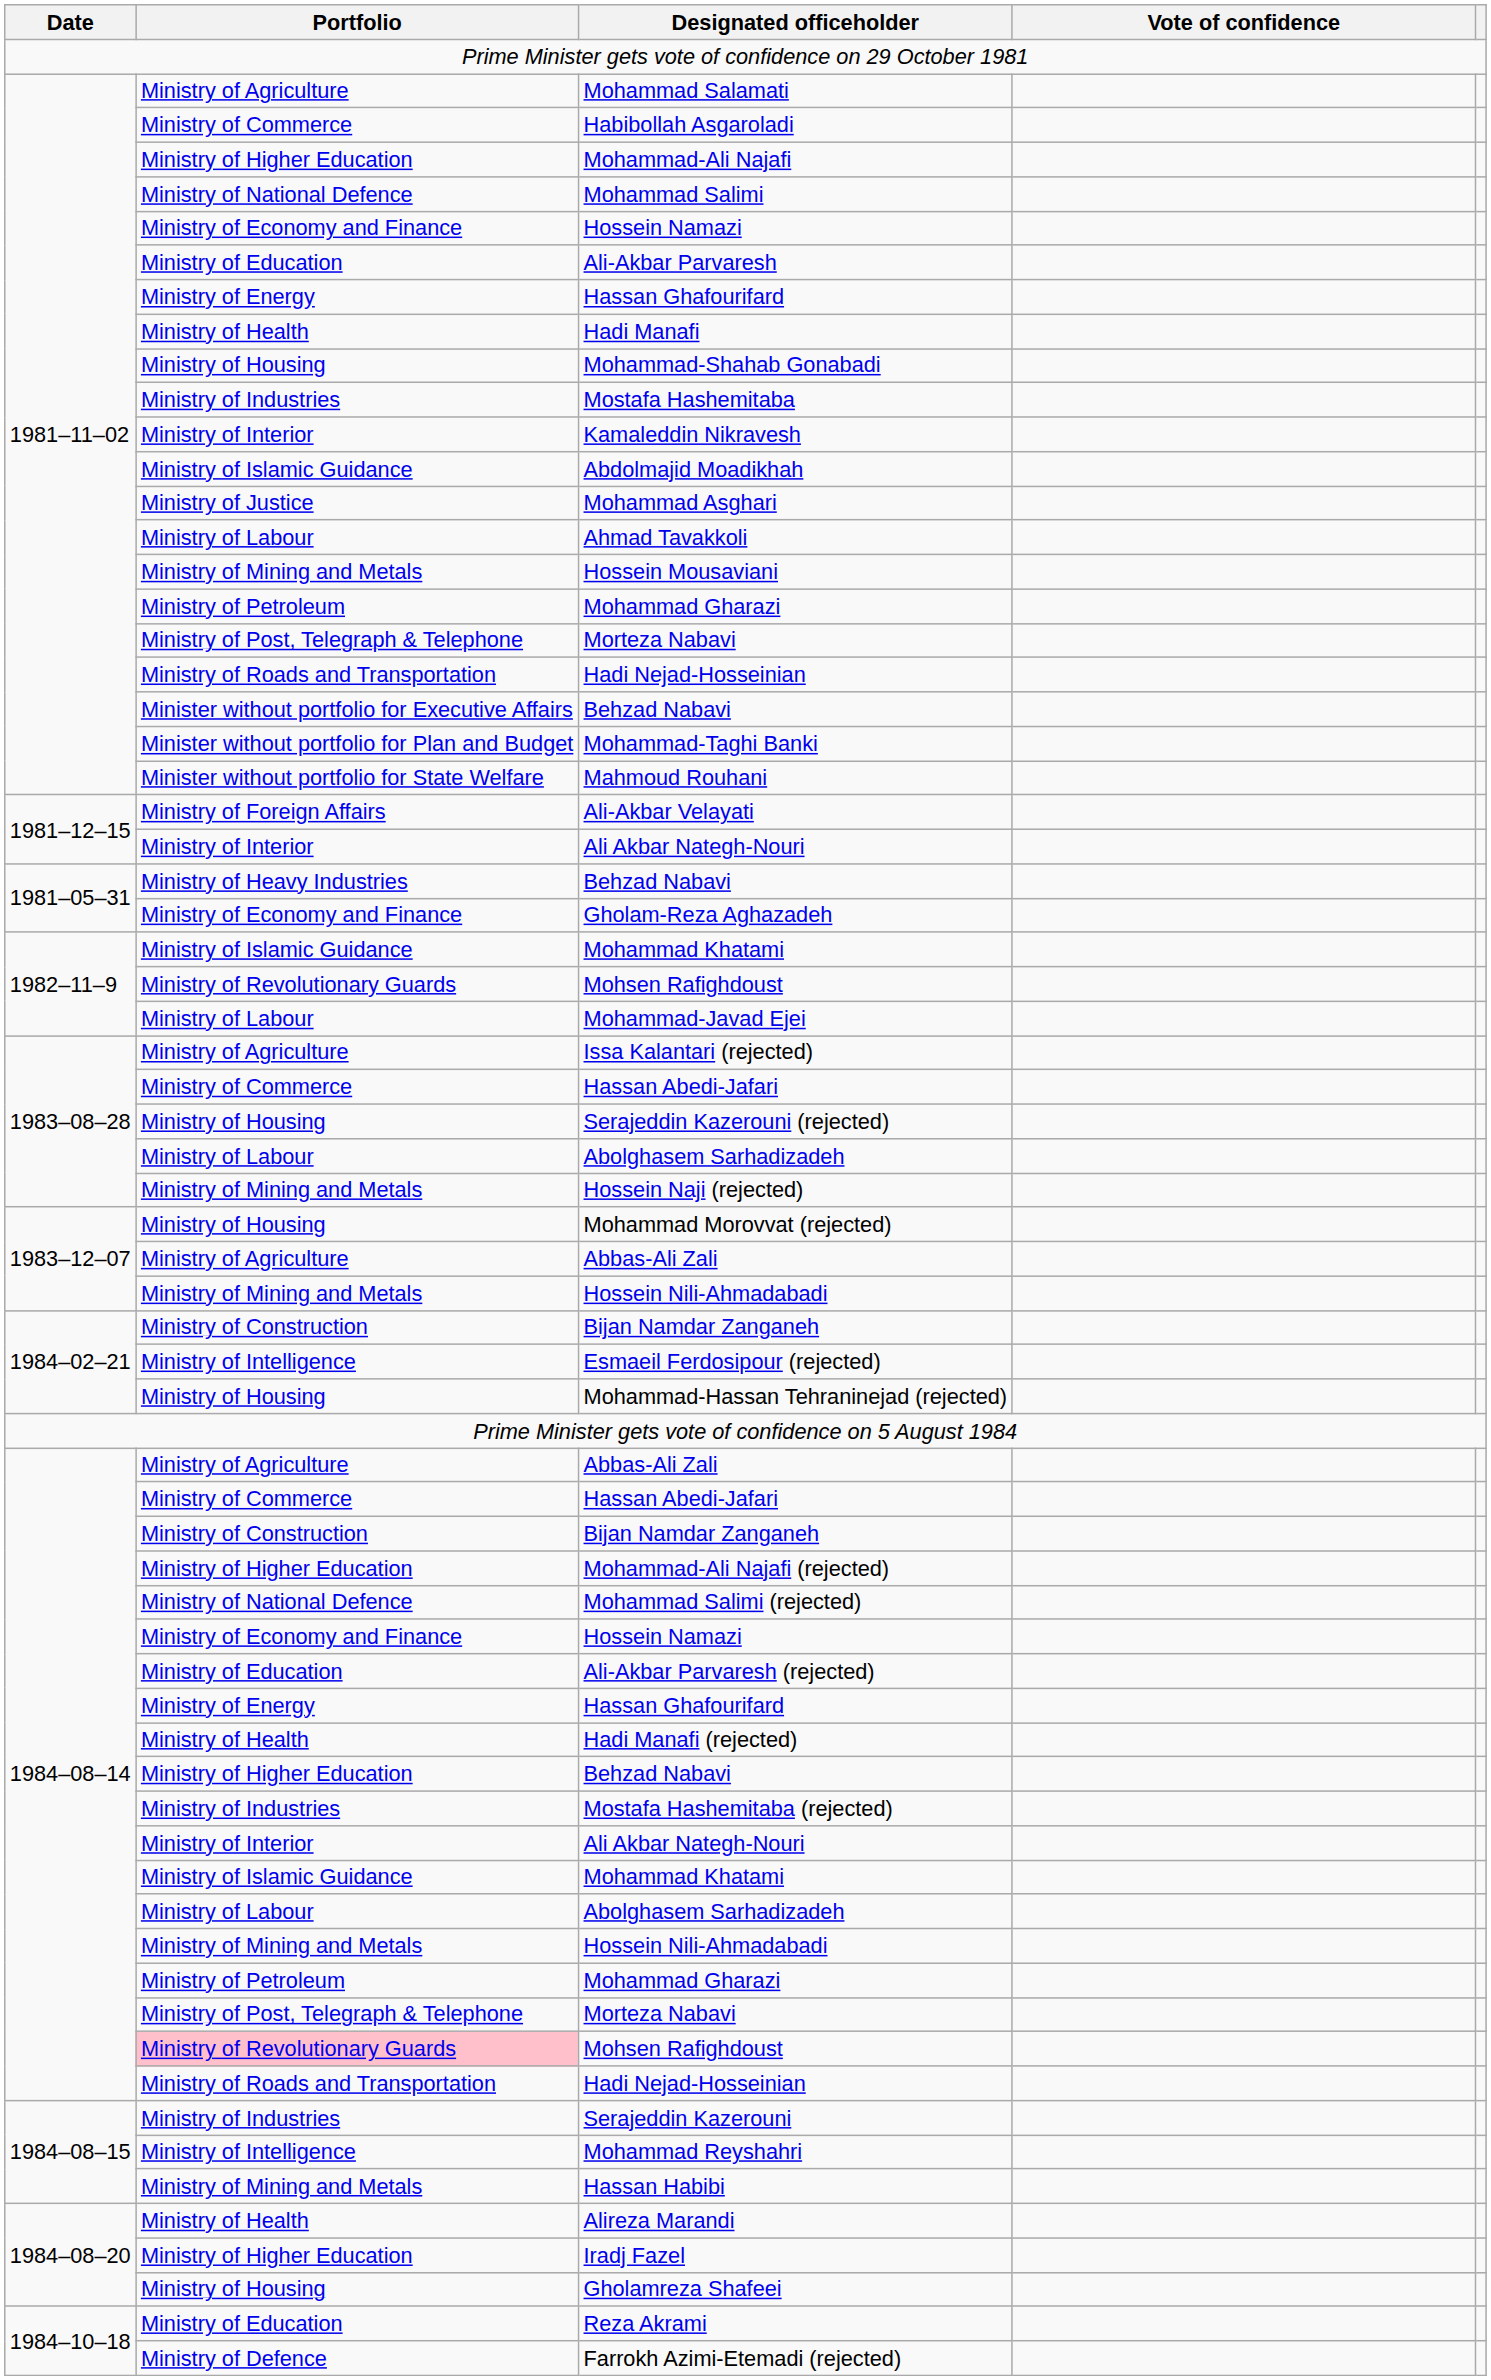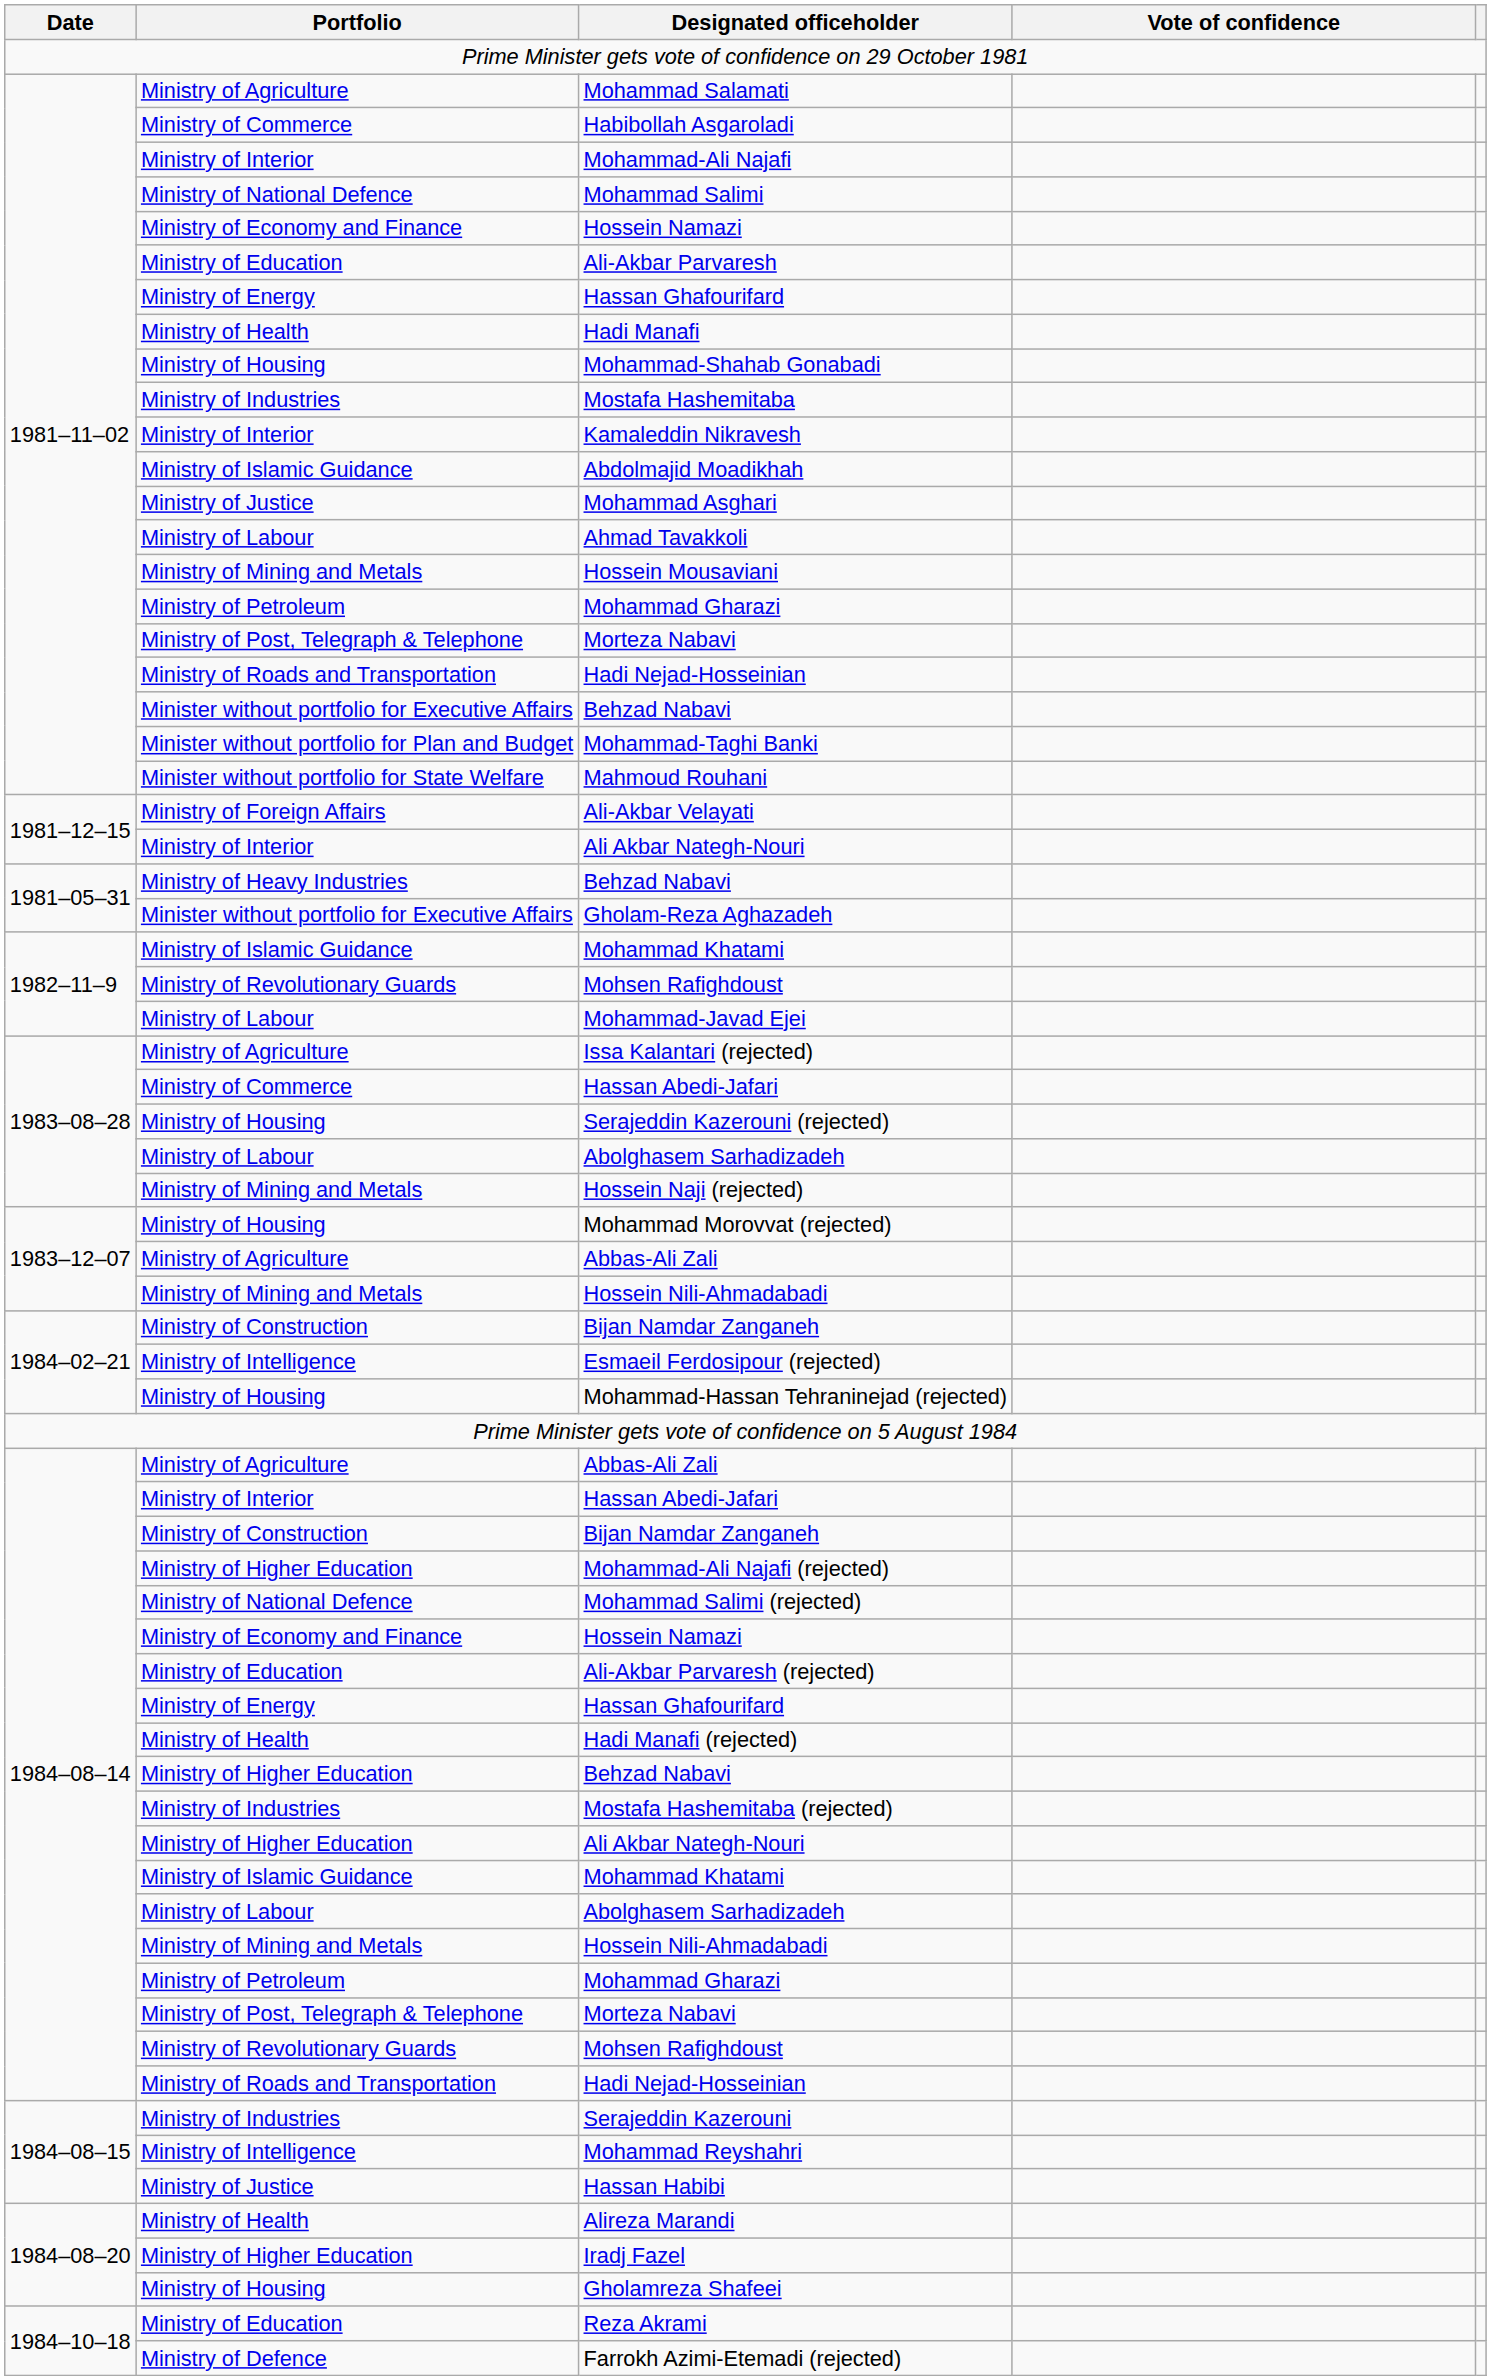 <table class="wikitable" style="font-size:90%;">
 <tr>
 <th>Date</th>
 <th>Portfolio</th>
 <th>Designated officeholder</th>
 <th width=300px>Vote of confidence</th>
 <th></th>
 </tr>
 <tr>
 <td colspan=5 align=center><em>Prime Minister gets vote of confidence on 29 October 1981</em></td>
 </tr>
 <tr>
 <td rowspan=21>1981–11–02</td>
 <td><a href='#'>Ministry of Agriculture</a></td>
 <td><a href='#'>Mohammad Salamati</a></td>
 <td></td>
 <td></td>
 </tr>
 <tr>
 <td><a href='#'>Ministry of Commerce</a></td>
 <td><a href='#'>Habibollah Asgaroladi</a></td>
 <td></td>
 <td></td>
 </tr>
 <tr>
-<td><a href='#'>Ministry of Higher Education</a></td>
+<td><a href='#'>Ministry of Interior</a></td>
 <td><a href='#'>Mohammad-Ali Najafi</a></td>
 <td></td>
 <td></td>
 </tr>
 <tr>
 <td><a href='#'>Ministry of National Defence</a></td>
 <td><a href='#'>Mohammad Salimi</a></td>
 <td></td>
 <td></td>
 </tr>
 <tr>
 <td><a href='#'>Ministry of Economy and Finance</a></td>
 <td><a href='#'>Hossein Namazi</a></td>
 <td></td>
 <td></td>
 </tr>
 <tr>
 <td><a href='#'>Ministry of Education</a></td>
 <td><a href='#'>Ali-Akbar Parvaresh</a></td>
 <td></td>
 <td></td>
 </tr>
 <tr>
 <td><a href='#'>Ministry of Energy</a></td>
 <td><a href='#'>Hassan Ghafourifard</a></td>
 <td></td>
 <td></td>
 </tr>
 <tr>
 <td><a href='#'>Ministry of Health</a></td>
 <td><a href='#'>Hadi Manafi</a></td>
 <td></td>
 <td></td>
 </tr>
 <tr>
 <td><a href='#'>Ministry of Housing</a></td>
 <td><a href='#'>Mohammad-Shahab Gonabadi</a></td>
 <td></td>
 <td></td>
 </tr>
 <tr>
 <td><a href='#'>Ministry of Industries</a></td>
 <td><a href='#'>Mostafa Hashemitaba</a></td>
 <td></td>
 <td></td>
 </tr>
 <tr>
 <td><a href='#'>Ministry of Interior</a></td>
 <td><a href='#'>Kamaleddin Nikravesh</a></td>
 <td></td>
 <td></td>
 </tr>
 <tr>
 <td><a href='#'>Ministry of Islamic Guidance</a></td>
 <td><a href='#'>Abdolmajid Moadikhah</a></td>
 <td></td>
 <td></td>
 </tr>
 <tr>
 <td><a href='#'>Ministry of Justice</a></td>
 <td><a href='#'>Mohammad Asghari</a></td>
 <td></td>
 <td></td>
 </tr>
 <tr>
 <td><a href='#'>Ministry of Labour</a></td>
 <td><a href='#'>Ahmad Tavakkoli</a></td>
 <td></td>
 <td></td>
 </tr>
 <tr>
 <td><a href='#'>Ministry of Mining and Metals</a></td>
 <td><a href='#'>Hossein Mousaviani</a></td>
 <td></td>
 <td></td>
 </tr>
 <tr>
 <td><a href='#'>Ministry of Petroleum</a></td>
 <td><a href='#'>Mohammad Gharazi</a></td>
 <td></td>
 <td></td>
 </tr>
 <tr>
 <td><a href='#'>Ministry of Post, Telegraph & Telephone</a></td>
 <td><a href='#'>Morteza Nabavi</a></td>
 <td></td>
 <td></td>
 </tr>
 <tr>
 <td><a href='#'>Ministry of Roads and Transportation</a></td>
 <td><a href='#'>Hadi Nejad-Hosseinian</a></td>
 <td></td>
 <td></td>
 </tr>
 <tr>
 <td><a href='#'>Minister without portfolio for Executive Affairs</a></td>
 <td><a href='#'>Behzad Nabavi</a></td>
 <td></td>
 <td></td>
 </tr>
 <tr>
 <td><a href='#'>Minister without portfolio for Plan and Budget</a></td>
 <td><a href='#'>Mohammad-Taghi Banki</a></td>
 <td></td>
 <td></td>
 </tr>
 <tr>
 <td><a href='#'>Minister without portfolio for State Welfare</a></td>
 <td><a href='#'>Mahmoud Rouhani</a></td>
 <td></td>
 <td></td>
 </tr>
 <tr>
 <td rowspan=2>1981–12–15</td>
 <td><a href='#'>Ministry of Foreign Affairs</a></td>
 <td><a href='#'>Ali-Akbar Velayati</a></td>
 <td></td>
 <td></td>
 </tr>
 <tr>
 <td><a href='#'>Ministry of Interior</a></td>
 <td><a href='#'>Ali Akbar Nategh-Nouri</a></td>
 <td></td>
 <td></td>
 </tr>
 <tr>
 <td rowspan=2>1981–05–31</td>
 <td><a href='#'>Ministry of Heavy Industries</a></td>
 <td><a href='#'>Behzad Nabavi</a></td>
 <td></td>
 <td></td>
 </tr>
 <tr>
-<td><a href='#'>Ministry of Economy and Finance</a></td>
+<td><a href='#'>Minister without portfolio for Executive Affairs</a></td>
 <td><a href='#'>Gholam-Reza Aghazadeh</a></td>
 <td></td>
 <td></td>
 </tr>
 <tr>
 <td rowspan=3>1982–11–9</td>
 <td><a href='#'>Ministry of Islamic Guidance</a></td>
 <td><a href='#'>Mohammad Khatami</a></td>
 <td></td>
 <td></td>
 </tr>
 <tr>
 <td><a href='#'>Ministry of Revolutionary Guards</a></td>
 <td><a href='#'>Mohsen Rafighdoust</a></td>
 <td></td>
 <td></td>
 </tr>
 <tr>
 <td><a href='#'>Ministry of Labour</a></td>
 <td><a href='#'>Mohammad-Javad Ejei</a></td>
 <td></td>
 <td></td>
 </tr>
 <tr>
 <td rowspan=5>1983–08–28</td>
 <td><a href='#'>Ministry of Agriculture</a></td>
 <td><a href='#'>Issa Kalantari</a> (rejected)</td>
 <td></td>
 <td></td>
 </tr>
 <tr>
 <td><a href='#'>Ministry of Commerce</a></td>
 <td><a href='#'>Hassan Abedi-Jafari</a></td>
 <td></td>
 <td></td>
 </tr>
 <tr>
 <td><a href='#'>Ministry of Housing</a></td>
 <td><a href='#'>Serajeddin Kazerouni</a> (rejected)</td>
 <td></td>
 <td></td>
 </tr>
 <tr>
 <td><a href='#'>Ministry of Labour</a></td>
 <td><a href='#'>Abolghasem Sarhadizadeh</a></td>
 <td></td>
 <td></td>
 </tr>
 <tr>
 <td><a href='#'>Ministry of Mining and Metals</a></td>
 <td><a href='#'>Hossein Naji</a> (rejected)</td>
 <td></td>
 <td></td>
 </tr>
 <tr>
 <td rowspan=3>1983–12–07</td>
 <td><a href='#'>Ministry of Housing</a></td>
 <td>Mohammad Morovvat (rejected)</td>
 <td></td>
 <td></td>
 </tr>
 <tr>
 <td><a href='#'>Ministry of Agriculture</a></td>
 <td><a href='#'>Abbas-Ali Zali</a></td>
 <td></td>
 <td></td>
 </tr>
 <tr>
 <td><a href='#'>Ministry of Mining and Metals</a></td>
 <td><a href='#'>Hossein Nili-Ahmadabadi</a></td>
 <td></td>
 <td></td>
 </tr>
 <tr>
 <td rowspan=3>1984–02–21</td>
 <td><a href='#'>Ministry of Construction</a></td>
 <td><a href='#'>Bijan Namdar Zanganeh</a></td>
 <td></td>
 <td></td>
 </tr>
 <tr>
 <td><a href='#'>Ministry of Intelligence</a></td>
 <td><a href='#'>Esmaeil Ferdosipour</a> (rejected)</td>
 <td></td>
 <td></td>
 </tr>
 <tr>
 <td><a href='#'>Ministry of Housing</a></td>
 <td>Mohammad-Hassan Tehraninejad (rejected)</td>
 <td></td>
 <td></td>
 </tr>
 <tr>
 <td colspan=5 align=center><em>Prime Minister gets vote of confidence on 5 August 1984</em></td>
 </tr>
 <tr>
 <td rowspan=19>1984–08–14</td>
 <td><a href='#'>Ministry of Agriculture</a></td>
 <td><a href='#'>Abbas-Ali Zali</a></td>
 <td></td>
 <td></td>
 </tr>
 <tr>
-<td><a href='#'>Ministry of Commerce</a></td>
+<td><a href='#'>Ministry of Interior</a></td>
 <td><a href='#'>Hassan Abedi-Jafari</a></td>
 <td></td>
 <td></td>
 </tr>
 <tr>
 <td><a href='#'>Ministry of Construction</a></td>
 <td><a href='#'>Bijan Namdar Zanganeh</a></td>
 <td></td>
 <td></td>
 </tr>
 <tr>
 <td><a href='#'>Ministry of Higher Education</a></td>
 <td><a href='#'>Mohammad-Ali Najafi</a> (rejected)</td>
 <td></td>
 <td></td>
 </tr>
 <tr>
 <td><a href='#'>Ministry of National Defence</a></td>
 <td><a href='#'>Mohammad Salimi</a> (rejected)</td>
 <td></td>
 <td></td>
 </tr>
 <tr>
 <td><a href='#'>Ministry of Economy and Finance</a></td>
 <td><a href='#'>Hossein Namazi</a></td>
 <td></td>
 <td></td>
 </tr>
 <tr>
 <td><a href='#'>Ministry of Education</a></td>
 <td><a href='#'>Ali-Akbar Parvaresh</a> (rejected)</td>
 <td></td>
 <td></td>
 </tr>
 <tr>
 <td><a href='#'>Ministry of Energy</a></td>
 <td><a href='#'>Hassan Ghafourifard</a></td>
 <td></td>
 <td></td>
 </tr>
 <tr>
 <td><a href='#'>Ministry of Health</a></td>
 <td><a href='#'>Hadi Manafi</a> (rejected)</td>
 <td></td>
 <td></td>
 </tr>
 <tr>
 <td><a href='#'>Ministry of Higher Education</a></td>
 <td><a href='#'>Behzad Nabavi</a></td>
 <td></td>
 <td></td>
 </tr>
 <tr>
 <td><a href='#'>Ministry of Industries</a></td>
 <td><a href='#'>Mostafa Hashemitaba</a> (rejected)</td>
 <td></td>
 <td></td>
 </tr>
 <tr>
-<td><a href='#'>Ministry of Interior</a></td>
+<td><a href='#'>Ministry of Higher Education</a></td>
 <td><a href='#'>Ali Akbar Nategh-Nouri</a></td>
 <td></td>
 <td></td>
 </tr>
 <tr>
 <td><a href='#'>Ministry of Islamic Guidance</a></td>
 <td><a href='#'>Mohammad Khatami</a></td>
 <td></td>
 <td></td>
 </tr>
 <tr>
 <td><a href='#'>Ministry of Labour</a></td>
 <td><a href='#'>Abolghasem Sarhadizadeh</a></td>
 <td></td>
 <td></td>
 </tr>
 <tr>
 <td><a href='#'>Ministry of Mining and Metals</a></td>
 <td><a href='#'>Hossein Nili-Ahmadabadi</a></td>
 <td></td>
 <td></td>
 </tr>
 <tr>
 <td><a href='#'>Ministry of Petroleum</a></td>
 <td><a href='#'>Mohammad Gharazi</a></td>
 <td></td>
 <td></td>
 </tr>
 <tr>
 <td><a href='#'>Ministry of Post, Telegraph & Telephone</a></td>
 <td><a href='#'>Morteza Nabavi</a></td>
 <td></td>
 <td></td>
 </tr>
 <tr>
-<td style="background: pink;"><a href='#'>Ministry of Revolutionary Guards</a></td>
+<td><a href='#'>Ministry of Revolutionary Guards</a></td>
 <td><a href='#'>Mohsen Rafighdoust</a></td>
 <td></td>
 <td></td>
 </tr>
 <tr>
 <td><a href='#'>Ministry of Roads and Transportation</a></td>
 <td><a href='#'>Hadi Nejad-Hosseinian</a></td>
 <td></td>
 <td></td>
 </tr>
 <tr>
 <td rowspan=3>1984–08–15</td>
 <td><a href='#'>Ministry of Industries</a></td>
 <td><a href='#'>Serajeddin Kazerouni</a></td>
 <td></td>
 <td></td>
 </tr>
 <tr>
 <td><a href='#'>Ministry of Intelligence</a></td>
 <td><a href='#'>Mohammad Reyshahri</a></td>
 <td></td>
 <td></td>
 </tr>
 <tr>
-<td><a href='#'>Ministry of Mining and Metals</a></td>
+<td><a href='#'>Ministry of Justice</a></td>
 <td><a href='#'>Hassan Habibi</a></td>
 <td></td>
 <td></td>
 </tr>
 <tr>
 <td rowspan=3>1984–08–20</td>
 <td><a href='#'>Ministry of Health</a></td>
 <td><a href='#'>Alireza Marandi</a></td>
 <td></td>
 <td></td>
 </tr>
 <tr>
 <td><a href='#'>Ministry of Higher Education</a></td>
 <td><a href='#'>Iradj Fazel</a></td>
 <td></td>
 <td></td>
 </tr>
 <tr>
 <td><a href='#'>Ministry of Housing</a></td>
 <td><a href='#'>Gholamreza Shafeei</a></td>
 <td></td>
 <td></td>
 </tr>
 <tr>
 <td rowspan=2>1984–10–18</td>
 <td><a href='#'>Ministry of Education</a></td>
 <td><a href='#'>Reza Akrami</a></td>
 <td></td>
 <td></td>
 </tr>
 <tr>
 <td><a href='#'>Ministry of Defence</a></td>
 <td>Farrokh Azimi-Etemadi (rejected)</td>
 <td></td>
 <td></td>
 </tr>
 </table>
